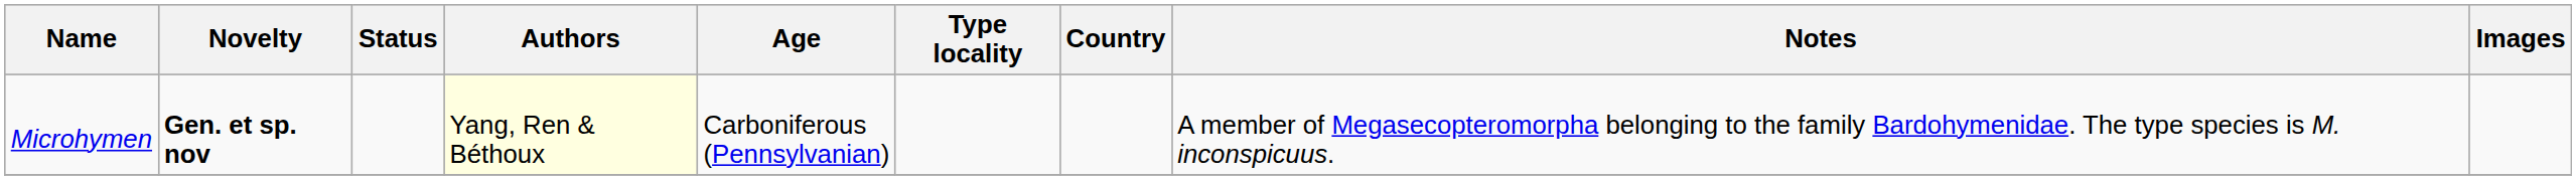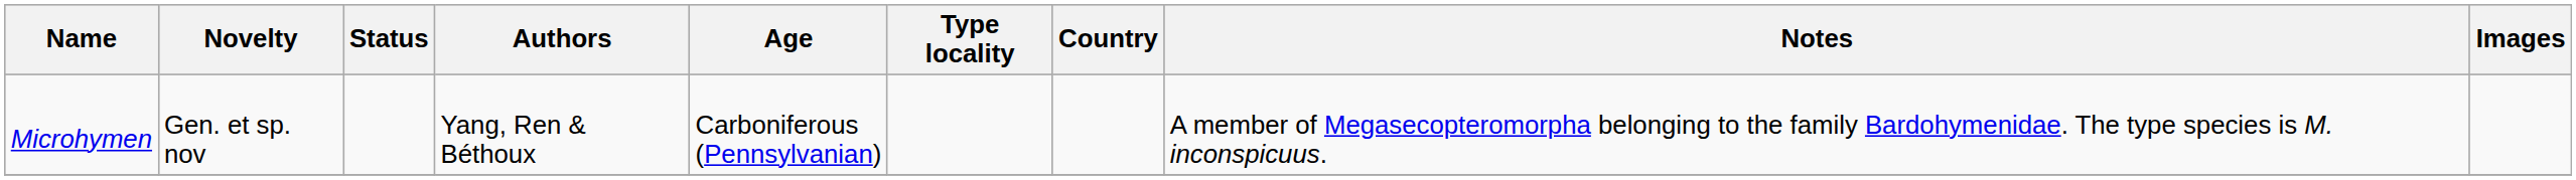 <table class="wikitable sortable" align="center" width="100%">
 <tr>
 <th>Name</th>
 <th>Novelty</th>
 <th>Status</th>
 <th>Authors</th>
 <th>Age</th>
 <th>Type locality</th>
 <th>Country</th>
 <th>Notes</th>
 <th>Images</th>
 </tr>
 <tr>
 <td><br><em><a href='#'>Microhymen</a></em></td>
-<td><strong><br>Gen. et sp. nov</strong></td>
+<td><br>Gen. et sp. nov</td>
 <td></td>
-<td style="background: lightyellow;"><br>Yang, Ren & Béthoux</td>
+<td><br>Yang, Ren & Béthoux</td>
 <td><br>Carboniferous<br>(<a href='#'>Pennsylvanian</a>)</td>
 <td></td>
 <td><br></td>
 <td><br>A member of <a href='#'>Megasecopteromorpha</a> belonging to the family <a href='#'>Bardohymenidae</a>. The type species is <em>M. inconspicuus</em>.</td>
 <td></td>
 </tr>
 <tr>
 </tr>
 </table>
